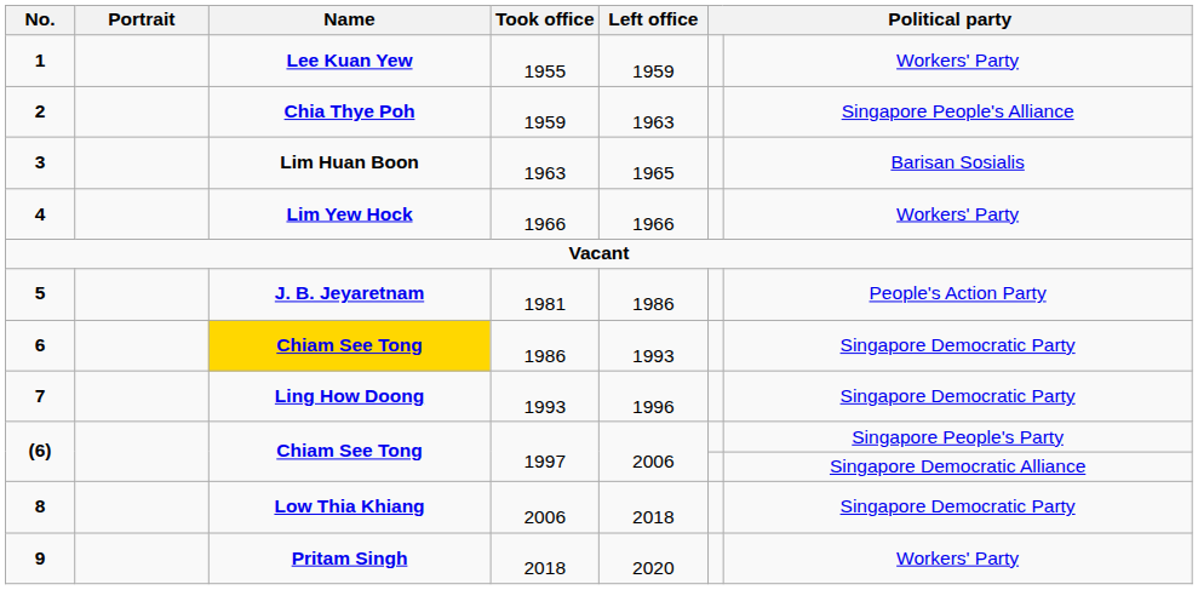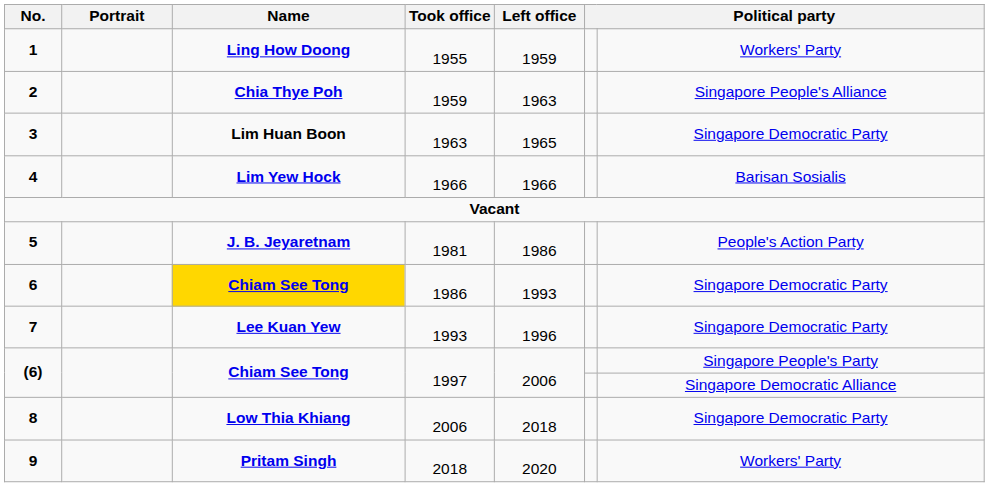 <table class="wikitable" style="text-align:center; border:1px #aaf solid;" width="80%">
 <tr>
 <th>No.</th>
 <th>Portrait</th>
 <th>Name<br></th>
 <th width="85">Took office</th>
 <th width="85">Left office</th>
 <th colspan="2">Political party</th>
 </tr>
 <tr>
 <td><strong>1</strong></td>
 <td></td>
-<td><strong><a href='#'>Lee Kuan Yew</a></strong><br></td>
+<td><strong><a href='#'>Ling How Doong</a></strong><br></td>
 <td><br>1955</td>
 <td><br>1959</td>
 <td style="background:"></td>
 <td><a href='#'>Workers' Party</a></td>
 </tr>
 <tr>
 <td><strong>2</strong></td>
 <td></td>
 <td><strong><a href='#'>Chia Thye Poh</a></strong><br></td>
 <td><br>1959</td>
 <td><br>1963</td>
 <td style="background:"></td>
 <td><a href='#'>Singapore People's Alliance</a></td>
 </tr>
 <tr>
 <td><strong>3</strong></td>
 <td></td>
 <td><strong>Lim Huan Boon</strong><br></td>
 <td><br>1963</td>
 <td><br>1965</td>
 <td style="background:"></td>
-<td><a href='#'>Barisan Sosialis</a></td>
+<td><a href='#'>Singapore Democratic Party</a></td>
 </tr>
 <tr>
 <td><strong>4</strong></td>
 <td></td>
 <td><strong><a href='#'>Lim Yew Hock</a></strong><br></td>
 <td><br>1966</td>
 <td><br>1966</td>
 <td style="background:"></td>
-<td><a href='#'>Workers' Party</a></td>
+<td><a href='#'>Barisan Sosialis</a></td>
 </tr>
 <tr>
 <td colspan="7"><strong>Vacant</strong><br></td>
 </tr>
 <tr>
 <td><strong>5</strong></td>
 <td></td>
 <td><strong><a href='#'>J. B. Jeyaretnam</a></strong><br></td>
 <td><br>1981</td>
 <td><br>1986</td>
 <td style="background:"></td>
 <td><a href='#'>People's Action Party</a></td>
 </tr>
 <tr>
 <td><strong>6</strong></td>
 <td></td>
 <td style="background: gold;"><strong><a href='#'>Chiam See Tong</a></strong><br></td>
 <td><br>1986</td>
 <td><br>1993</td>
 <td style="background:"></td>
 <td><a href='#'>Singapore Democratic Party</a></td>
 </tr>
 <tr>
 <td><strong>7</strong></td>
 <td></td>
-<td><strong><a href='#'>Ling How Doong</a></strong><br></td>
+<td><strong><a href='#'>Lee Kuan Yew</a></strong><br></td>
 <td><br>1993</td>
 <td><br>1996</td>
 <td style="background:"></td>
 <td><a href='#'>Singapore Democratic Party</a></td>
 </tr>
 <tr>
 <td rowspan="2"><strong>(6)</strong></td>
 <td rowspan="2"></td>
 <td rowspan="2"><strong><a href='#'>Chiam See Tong</a></strong><br></td>
 <td rowspan="2"><br>1997</td>
 <td rowspan="2"><br>2006</td>
 <td style="background:"></td>
 <td><a href='#'>Singapore People's Party</a></td>
 </tr>
 <tr>
 <td style="background:"></td>
 <td><a href='#'>Singapore Democratic Alliance</a></td>
 </tr>
 <tr>
 <td><strong>8</strong></td>
 <td></td>
 <td><strong><a href='#'>Low Thia Khiang</a></strong><br></td>
 <td><br>2006</td>
 <td><br>2018</td>
 <td style="background:"></td>
 <td><a href='#'>Singapore Democratic Party</a></td>
 </tr>
 <tr>
 <td><strong>9</strong></td>
 <td></td>
 <td><a href='#'><strong>Pritam Singh</strong></a><br></td>
 <td><br>2018</td>
 <td><br>2020</td>
 <td style="background:"></td>
 <td><a href='#'>Workers' Party</a></td>
 </tr>
 </table>
